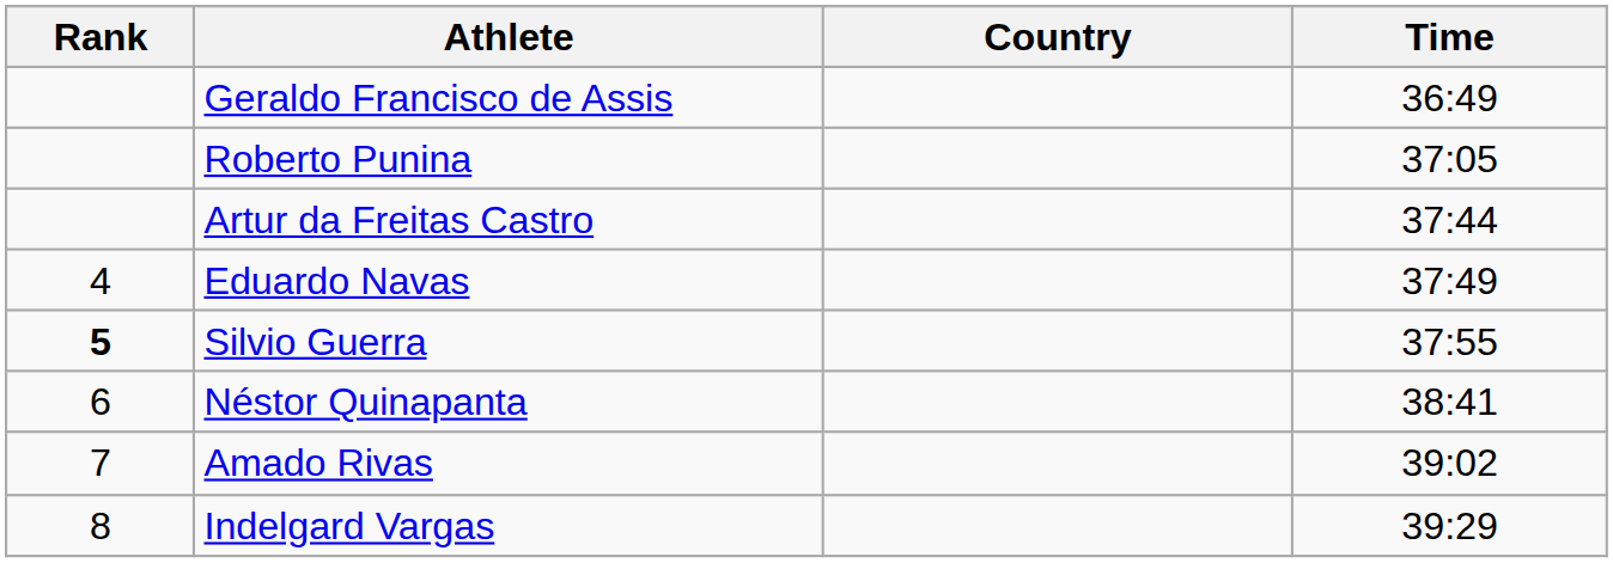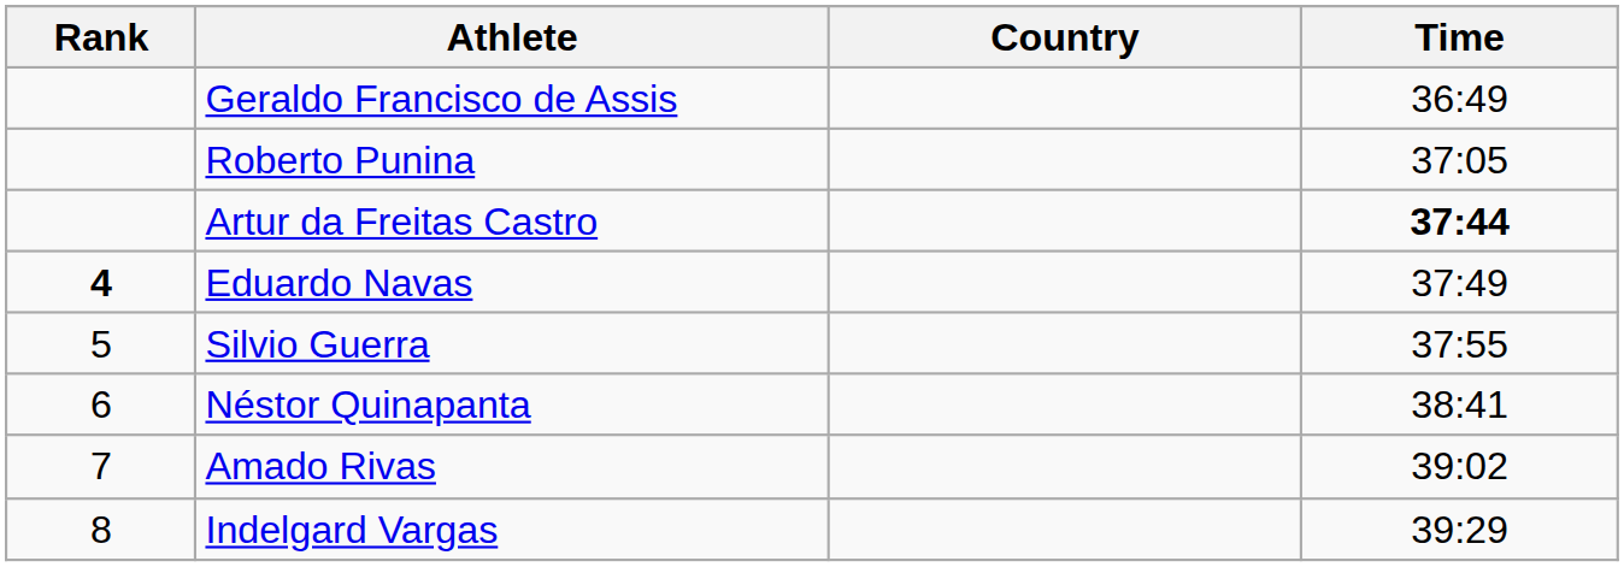 <table class="wikitable sortable" style=" text-align:center; font-size:95%;" width="50%">
 <tr>
 </tr>
 <tr>
 <th width=5%>Rank</th>
 <th width=20%>Athlete</th>
 <th width=15%>Country</th>
 <th width=10%>Time</th>
 </tr>
 <tr>
 <td align=center></td>
 <td align=left><a href='#'>Geraldo Francisco de Assis</a></td>
 <td align=left></td>
 <td>36:49</td>
 </tr>
 <tr>
 <td align=center></td>
 <td align=left><a href='#'>Roberto Punina</a></td>
 <td align=left></td>
 <td>37:05</td>
 </tr>
 <tr>
 <td align=center></td>
 <td align=left><a href='#'>Artur da Freitas Castro</a></td>
 <td align=left></td>
-<td>37:44</td>
+<td><strong>37:44</strong></td>
 </tr>
 <tr>
-<td align=center>4</td>
+<td align=center><strong>4</strong></td>
 <td align=left><a href='#'>Eduardo Navas</a></td>
 <td align=left></td>
 <td>37:49</td>
 </tr>
 <tr>
-<td align=center><strong>5</strong></td>
+<td align=center>5</td>
 <td align=left><a href='#'>Silvio Guerra</a></td>
 <td align=left></td>
 <td>37:55</td>
 </tr>
 <tr>
 <td align=center>6</td>
 <td align=left><a href='#'>Néstor Quinapanta</a></td>
 <td align=left></td>
 <td>38:41</td>
 </tr>
 <tr>
 <td align=center>7</td>
 <td align=left><a href='#'>Amado Rivas</a></td>
 <td align=left></td>
 <td>39:02</td>
 </tr>
 <tr>
 <td align=center>8</td>
 <td align=left><a href='#'>Indelgard Vargas</a></td>
 <td align=left></td>
 <td>39:29</td>
 </tr>
 </table>
